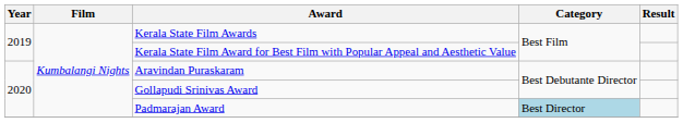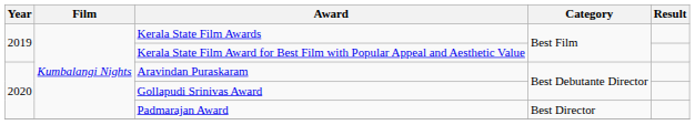 <table class="wikitable">
 <tr>
 <th>Year</th>
 <th>Film</th>
 <th>Award</th>
 <th>Category</th>
 <th>Result</th>
 </tr>
 <tr>
 <td rowspan=2>2019</td>
 <td rowspan=5><em><a href='#'>Kumbalangi Nights</a></em></td>
 <td><a href='#'>Kerala State Film Awards</a></td>
 <td rowspan=2>Best Film</td>
 <td></td>
 </tr>
 <tr>
 <td><a href='#'>Kerala State Film Award for Best Film with Popular Appeal and Aesthetic Value</a></td>
 <td></td>
 </tr>
 <tr>
 <td rowspan=3>2020</td>
 <td><a href='#'>Aravindan Puraskaram</a></td>
 <td rowspan=2>Best Debutante Director</td>
 <td></td>
 </tr>
 <tr>
 <td><a href='#'>Gollapudi Srinivas Award</a></td>
 <td></td>
 </tr>
 <tr>
 <td><a href='#'>Padmarajan Award</a></td>
-<td style="background: lightblue;">Best Director</td>
+<td>Best Director</td>
 <td></td>
 </tr>
 <tr>
 </tr>
 </table>
